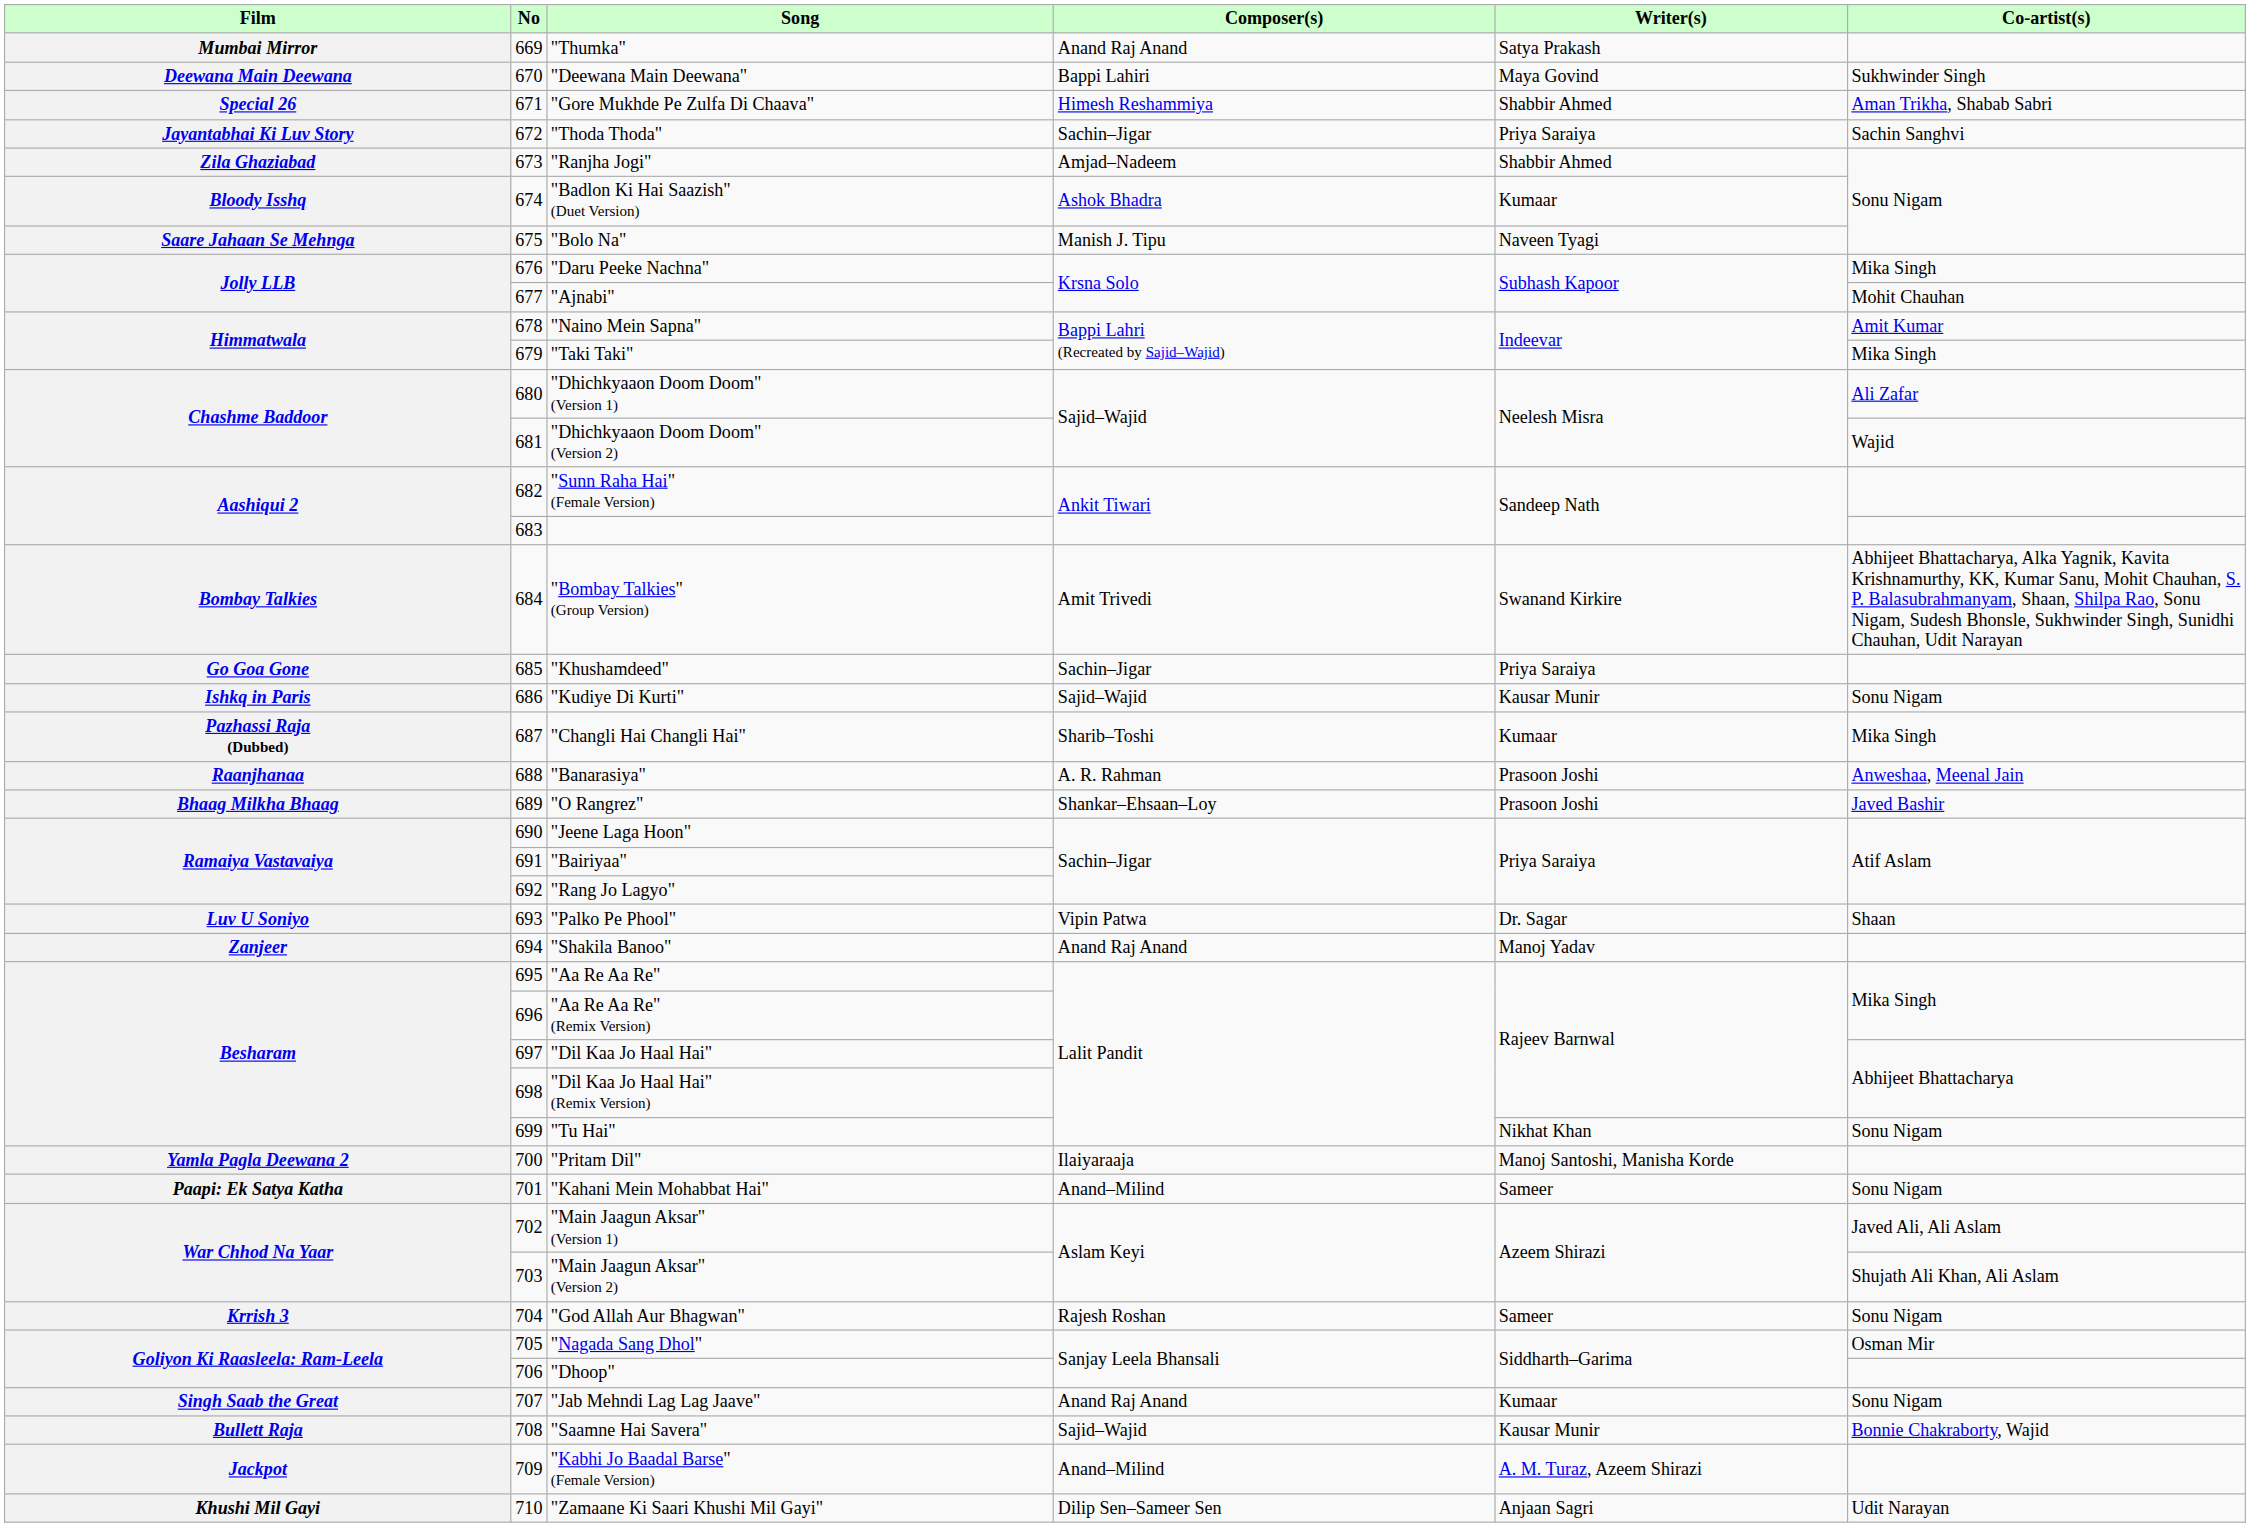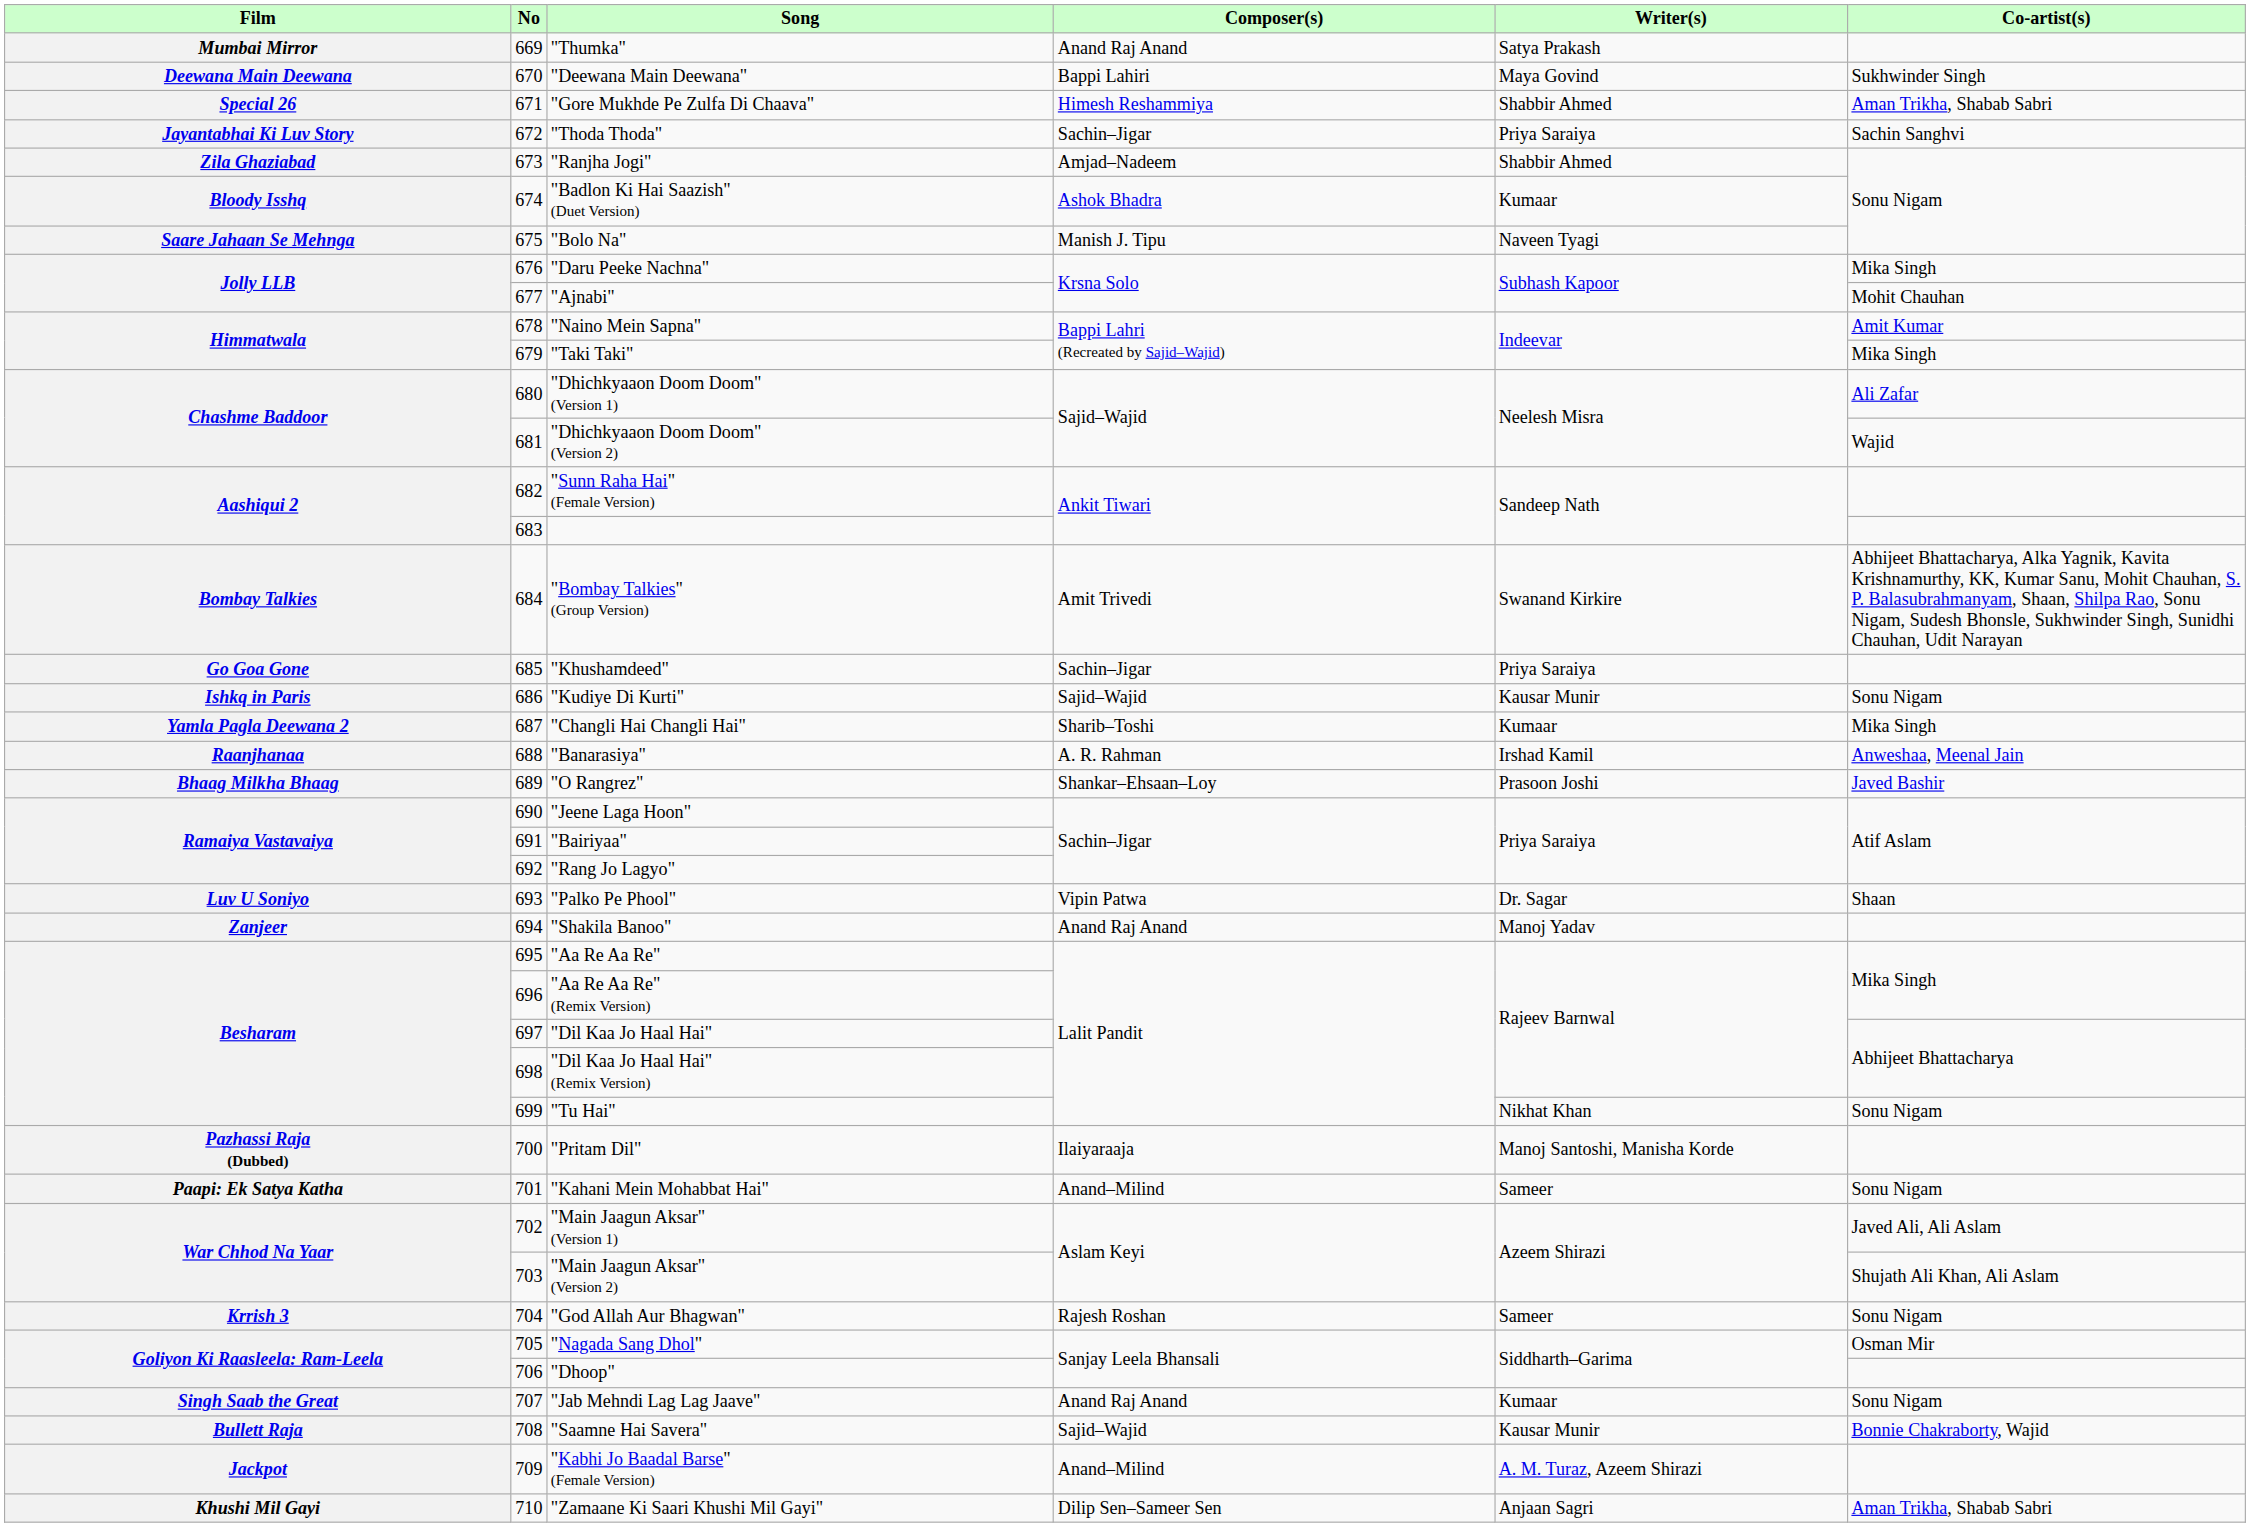 <table class="wikitable plainrowheaders" style="width:100%; textcolor:#000">
 <tr style="background:#cfc; text-align:center;">
 <td scope="col" style="width:23%;"><strong>Film</strong></td>
 <td><strong>No</strong></td>
 <td scope="col" style="width:23%;"><strong>Song</strong></td>
 <td scope="col" style="width:20%;"><strong>Composer(s)</strong></td>
 <td scope="col" style="width:16%;"><strong>Writer(s)</strong></td>
 <td scope="col" style="width:18%;"><strong>Co-artist(s)</strong></td>
 </tr>
 <tr>
 <th scope="row"><em>Mumbai Mirror</em></th>
 <td>669</td>
 <td>"Thumka"</td>
 <td>Anand Raj Anand</td>
 <td>Satya Prakash</td>
 <td></td>
 </tr>
 <tr>
 <th scope="row"><em><a href='#'>Deewana Main Deewana</a></em></th>
 <td>670</td>
 <td>"Deewana Main Deewana"</td>
 <td>Bappi Lahiri</td>
 <td>Maya Govind</td>
 <td>Sukhwinder Singh</td>
 </tr>
 <tr>
 <th scope="row"><em><a href='#'>Special 26</a></em></th>
 <td>671</td>
 <td>"Gore Mukhde Pe Zulfa Di Chaava"</td>
 <td><a href='#'>Himesh Reshammiya</a></td>
 <td>Shabbir Ahmed</td>
 <td><a href='#'>Aman Trikha</a>, Shabab Sabri</td>
 </tr>
 <tr>
 <th scope="row"><em><a href='#'>Jayantabhai Ki Luv Story</a></em></th>
 <td>672</td>
 <td>"Thoda Thoda"</td>
 <td>Sachin–Jigar</td>
 <td>Priya Saraiya</td>
 <td>Sachin Sanghvi</td>
 </tr>
 <tr>
 <th scope="row"><em><a href='#'>Zila Ghaziabad</a></em></th>
 <td>673</td>
 <td>"Ranjha Jogi"</td>
 <td>Amjad–Nadeem</td>
 <td>Shabbir Ahmed</td>
 <td rowspan="3">Sonu Nigam</td>
 </tr>
 <tr>
 <th scope="row"><em><a href='#'>Bloody Isshq</a></em></th>
 <td>674</td>
 <td>"Badlon Ki Hai Saazish"<br><small>(Duet Version)</small></td>
 <td><a href='#'>Ashok Bhadra</a></td>
 <td>Kumaar</td>
 </tr>
 <tr>
 <th scope="row"><em><a href='#'>Saare Jahaan Se Mehnga</a></em></th>
 <td>675</td>
 <td>"Bolo Na"</td>
 <td>Manish J. Tipu</td>
 <td>Naveen Tyagi</td>
 </tr>
 <tr>
 <th scope="row" rowspan="2"><em><a href='#'>Jolly LLB</a></em></th>
 <td>676</td>
 <td>"Daru Peeke Nachna"</td>
 <td rowspan="2"><a href='#'>Krsna Solo</a></td>
 <td rowspan="2"><a href='#'>Subhash Kapoor</a></td>
 <td>Mika Singh</td>
 </tr>
 <tr>
 <td>677</td>
 <td>"Ajnabi"</td>
 <td>Mohit Chauhan</td>
 </tr>
 <tr>
 <th scope="row" rowspan="2"><em><a href='#'>Himmatwala</a></em></th>
 <td>678</td>
 <td>"Naino Mein Sapna"</td>
 <td rowspan="2"><a href='#'>Bappi Lahri</a><br><small>(Recreated by <a href='#'>Sajid–Wajid</a>)</small></td>
 <td rowspan="2"><a href='#'>Indeevar</a></td>
 <td><a href='#'>Amit Kumar</a></td>
 </tr>
 <tr>
 <td>679</td>
 <td>"Taki Taki"</td>
 <td>Mika Singh</td>
 </tr>
 <tr>
 <th scope="row" rowspan="2"><em><a href='#'>Chashme Baddoor</a></em></th>
 <td>680</td>
 <td>"Dhichkyaaon Doom Doom"<br><small>(Version 1)</small></td>
 <td rowspan="2">Sajid–Wajid</td>
 <td rowspan="2">Neelesh Misra</td>
 <td><a href='#'>Ali Zafar</a></td>
 </tr>
 <tr>
 <td>681</td>
 <td>"Dhichkyaaon Doom Doom"<br><small>(Version 2)</small></td>
 <td>Wajid</td>
 </tr>
 <tr>
 <th scope="row" rowspan="2"><em><a href='#'>Aashiqui 2</a></em></th>
 <td>682</td>
 <td>"<a href='#'>Sunn Raha Hai</a>"<br><small>(Female Version)</small></td>
 <td rowspan="2"><a href='#'>Ankit Tiwari</a></td>
 <td rowspan="2">Sandeep Nath</td>
 <td></td>
 </tr>
 <tr>
 <td>683</td>
 <td></td>
 <td></td>
 </tr>
 <tr>
 <th scope="row"><em><a href='#'>Bombay Talkies</a></em></th>
 <td>684</td>
 <td>"<a href='#'>Bombay Talkies</a>"<br><small>(Group Version)</small></td>
 <td>Amit Trivedi</td>
 <td>Swanand Kirkire</td>
 <td>Abhijeet Bhattacharya, Alka Yagnik, Kavita Krishnamurthy, KK, Kumar Sanu, Mohit Chauhan, <a href='#'>S. P. Balasubrahmanyam</a>, Shaan, <a href='#'>Shilpa Rao</a>, Sonu Nigam, Sudesh Bhonsle, Sukhwinder Singh, Sunidhi Chauhan, Udit Narayan</td>
 </tr>
 <tr>
 <th scope="row"><em><a href='#'>Go Goa Gone</a></em></th>
 <td>685</td>
 <td>"Khushamdeed"</td>
 <td>Sachin–Jigar</td>
 <td>Priya Saraiya</td>
 <td></td>
 </tr>
 <tr>
 <th scope="row"><em><a href='#'>Ishkq in Paris</a></em></th>
 <td>686</td>
 <td>"Kudiye Di Kurti"</td>
 <td>Sajid–Wajid</td>
 <td>Kausar Munir</td>
 <td>Sonu Nigam</td>
 </tr>
 <tr>
-<th scope="row"><em><a href='#'>Pazhassi Raja</a></em><br><small>(Dubbed)</small></th>
+<th scope="row"><em><a href='#'>Yamla Pagla Deewana 2</a></em></th>
 <td>687</td>
 <td>"Changli Hai Changli Hai"</td>
 <td>Sharib–Toshi</td>
 <td>Kumaar</td>
 <td>Mika Singh</td>
 </tr>
 <tr>
 <th scope="row"><em><a href='#'>Raanjhanaa</a></em></th>
 <td>688</td>
 <td>"Banarasiya"</td>
 <td>A. R. Rahman</td>
-<td>Prasoon Joshi</td>
+<td>Irshad Kamil</td>
 <td><a href='#'>Anweshaa</a>, <a href='#'>Meenal Jain</a></td>
 </tr>
 <tr>
 <th scope="row"><em><a href='#'>Bhaag Milkha Bhaag</a></em></th>
 <td>689</td>
 <td>"O Rangrez"</td>
 <td>Shankar–Ehsaan–Loy</td>
 <td>Prasoon Joshi</td>
 <td><a href='#'>Javed Bashir</a></td>
 </tr>
 <tr>
 <th scope="row" rowspan="3"><em><a href='#'>Ramaiya Vastavaiya</a></em></th>
 <td>690</td>
 <td>"Jeene Laga Hoon"</td>
 <td rowspan="3">Sachin–Jigar</td>
 <td rowspan="3">Priya Saraiya</td>
 <td rowspan="3">Atif Aslam</td>
 </tr>
 <tr>
 <td>691</td>
 <td>"Bairiyaa"</td>
 </tr>
 <tr>
 <td>692</td>
 <td>"Rang Jo Lagyo"</td>
 </tr>
 <tr>
 <th scope="row"><em><a href='#'>Luv U Soniyo</a></em></th>
 <td>693</td>
 <td>"Palko Pe Phool"</td>
 <td>Vipin Patwa</td>
 <td>Dr. Sagar</td>
 <td>Shaan</td>
 </tr>
 <tr>
 <th scope="row"><em><a href='#'>Zanjeer</a></em></th>
 <td>694</td>
 <td>"Shakila Banoo"</td>
 <td>Anand Raj Anand</td>
 <td>Manoj Yadav</td>
 <td></td>
 </tr>
 <tr>
 <th scope="row" rowspan="5"><em><a href='#'>Besharam</a></em></th>
 <td>695</td>
 <td>"Aa Re Aa Re"</td>
 <td rowspan="5">Lalit Pandit</td>
 <td rowspan="4">Rajeev Barnwal</td>
 <td rowspan="2">Mika Singh</td>
 </tr>
 <tr>
 <td>696</td>
 <td>"Aa Re Aa Re"<br><small>(Remix Version)</small></td>
 </tr>
 <tr>
 <td>697</td>
 <td>"Dil Kaa Jo Haal Hai"</td>
 <td rowspan="2">Abhijeet Bhattacharya</td>
 </tr>
 <tr>
 <td>698</td>
 <td>"Dil Kaa Jo Haal Hai"<br><small>(Remix Version)</small></td>
 </tr>
 <tr>
 <td>699</td>
 <td>"Tu Hai"</td>
 <td>Nikhat Khan</td>
 <td>Sonu Nigam</td>
 </tr>
 <tr>
-<th scope="row"><em><a href='#'>Yamla Pagla Deewana 2</a></em></th>
+<th scope="row"><em><a href='#'>Pazhassi Raja</a></em><br><small>(Dubbed)</small></th>
 <td>700</td>
 <td>"Pritam Dil"</td>
 <td>Ilaiyaraaja</td>
 <td>Manoj Santoshi, Manisha Korde</td>
 <td></td>
 </tr>
 <tr>
 <th scope="row"><em>Paapi: Ek Satya Katha</em></th>
 <td>701</td>
 <td>"Kahani Mein Mohabbat Hai"</td>
 <td>Anand–Milind</td>
 <td>Sameer</td>
 <td>Sonu Nigam</td>
 </tr>
 <tr>
 <th scope="row" rowspan="2"><em><a href='#'>War Chhod Na Yaar</a></em></th>
 <td>702</td>
 <td>"Main Jaagun Aksar"<br><small>(Version 1)</small></td>
 <td rowspan="2">Aslam Keyi</td>
 <td rowspan="2">Azeem Shirazi</td>
 <td>Javed Ali, Ali Aslam</td>
 </tr>
 <tr>
 <td>703</td>
 <td>"Main Jaagun Aksar"<br><small>(Version 2)</small></td>
 <td>Shujath Ali Khan, Ali Aslam</td>
 </tr>
 <tr>
 <th scope="row"><em><a href='#'>Krrish 3</a></em></th>
 <td>704</td>
 <td>"God Allah Aur Bhagwan"</td>
 <td>Rajesh Roshan</td>
 <td>Sameer</td>
 <td>Sonu Nigam</td>
 </tr>
 <tr>
 <th scope="row" rowspan="2"><em><a href='#'>Goliyon Ki Raasleela: Ram-Leela</a></em></th>
 <td>705</td>
 <td>"<a href='#'>Nagada Sang Dhol</a>"</td>
 <td rowspan="2">Sanjay Leela Bhansali</td>
 <td rowspan="2">Siddharth–Garima</td>
 <td>Osman Mir</td>
 </tr>
 <tr>
 <td>706</td>
 <td>"Dhoop"</td>
 <td></td>
 </tr>
 <tr>
 <th scope="row"><em><a href='#'>Singh Saab the Great</a></em></th>
 <td>707</td>
 <td>"Jab Mehndi Lag Lag Jaave"</td>
 <td>Anand Raj Anand</td>
 <td>Kumaar</td>
 <td>Sonu Nigam</td>
 </tr>
 <tr>
 <th scope="row"><em><a href='#'>Bullett Raja</a></em></th>
 <td>708</td>
 <td>"Saamne Hai Savera"</td>
 <td>Sajid–Wajid</td>
 <td>Kausar Munir</td>
 <td><a href='#'>Bonnie Chakraborty</a>, Wajid</td>
 </tr>
 <tr>
 <th scope="row"><em><a href='#'>Jackpot</a></em></th>
 <td>709</td>
 <td>"<a href='#'>Kabhi Jo Baadal Barse</a>"<br><small>(Female Version)</small></td>
 <td>Anand–Milind</td>
 <td><a href='#'>A. M. Turaz</a>, Azeem Shirazi</td>
 <td></td>
 </tr>
 <tr>
 <th scope="row"><em>Khushi Mil Gayi</em></th>
 <td>710</td>
 <td>"Zamaane Ki Saari Khushi Mil Gayi"</td>
 <td>Dilip Sen–Sameer Sen</td>
 <td>Anjaan Sagri</td>
-<td>Udit Narayan</td>
+<td><a href='#'>Aman Trikha</a>, Shabab Sabri</td>
 </tr>
 </table>
